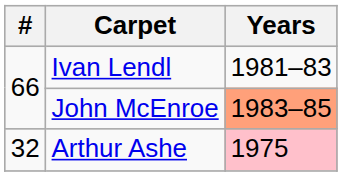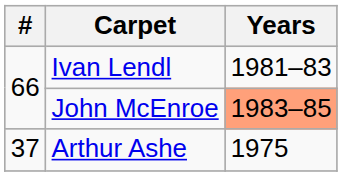 <table class=wikitable style="display:inline-table;">
 <tr>
 <th>#</th>
 <th>Carpet</th>
 <th>Years</th>
 </tr>
 <tr>
 <td rowspan="2">66</td>
 <td> <a href='#'>Ivan Lendl</a></td>
 <td>1981–83</td>
 </tr>
 <tr>
 <td> <a href='#'>John McEnroe</a></td>
 <td style="background: lightsalmon;">1983–85</td>
 </tr>
 <tr>
-<td>32</td>
+<td>37</td>
 <td> <a href='#'>Arthur Ashe</a></td>
-<td style="background: pink;">1975</td>
+<td>1975</td>
 </tr>
 </table>
